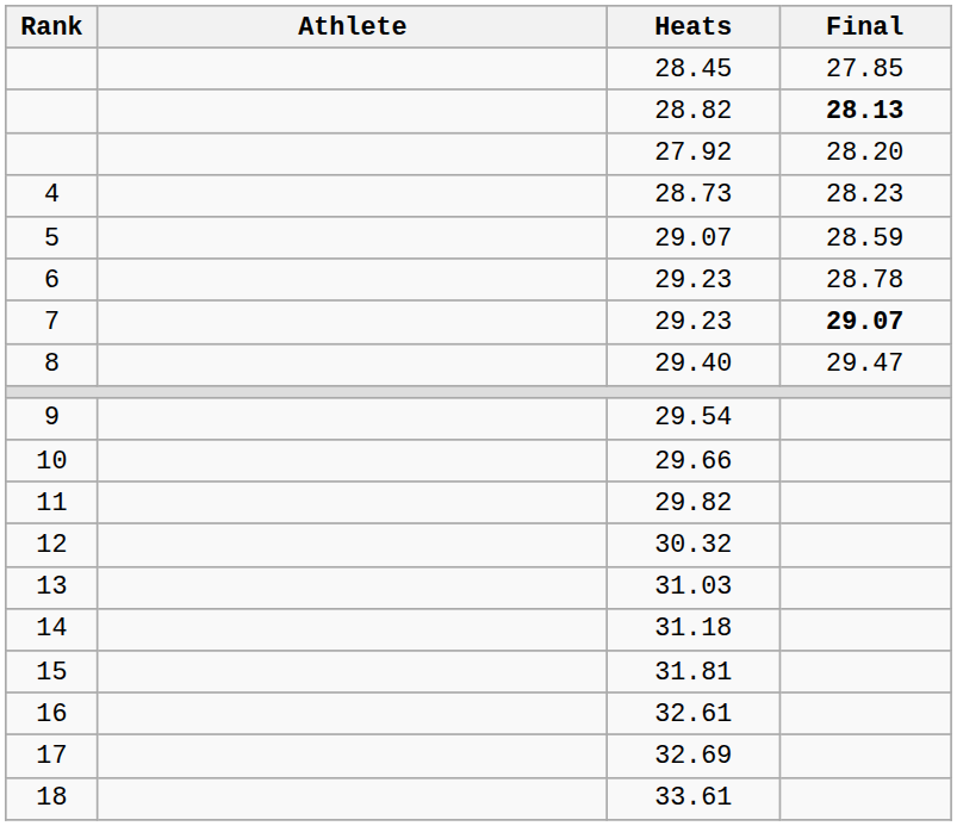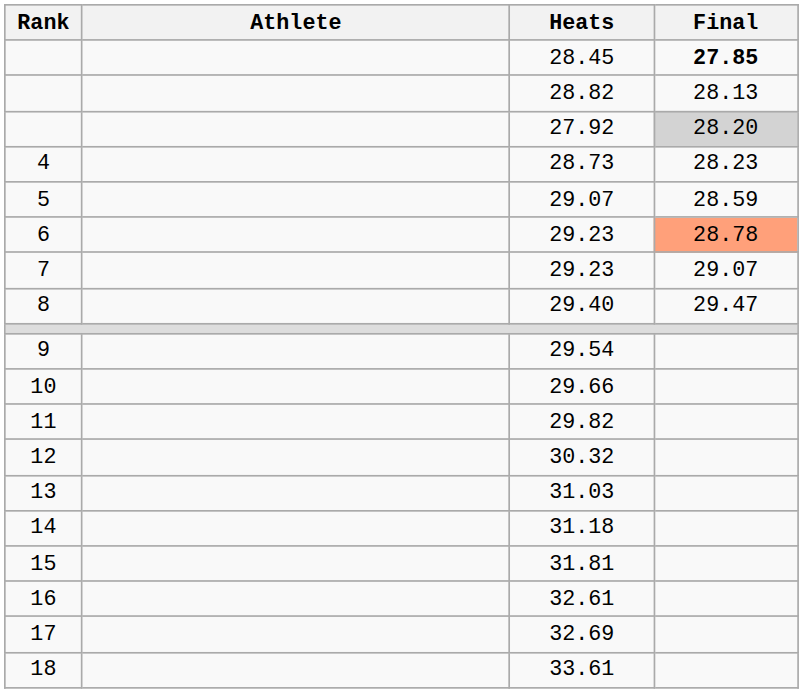 <table class=wikitable style="text-align:center">
 <tr>
 <th width=40>Rank</th>
 <th width=250>Athlete</th>
 <th width=80>Heats</th>
 <th width=80>Final</th>
 </tr>
 <tr>
 <td></td>
 <td align=left></td>
 <td>28.45</td>
-<td>27.85</td>
+<td><strong>27.85</strong></td>
 </tr>
 <tr>
 <td></td>
 <td align=left></td>
 <td>28.82</td>
-<td><strong>28.13</strong></td>
+<td>28.13</td>
 </tr>
 <tr>
 <td></td>
 <td align=left></td>
 <td>27.92</td>
-<td>28.20</td>
+<td style="background: lightgrey;">28.20</td>
 </tr>
 <tr>
 <td>4</td>
 <td align=left></td>
 <td>28.73</td>
 <td>28.23</td>
 </tr>
 <tr>
 <td>5</td>
 <td align=left></td>
 <td>29.07</td>
 <td>28.59</td>
 </tr>
 <tr>
 <td>6</td>
 <td align=left></td>
 <td>29.23</td>
-<td>28.78</td>
+<td style="background: lightsalmon;">28.78</td>
 </tr>
 <tr>
 <td>7</td>
 <td align=left></td>
 <td>29.23</td>
-<td><strong>29.07</strong></td>
+<td>29.07</td>
 </tr>
 <tr>
 <td>8</td>
 <td align=left></td>
 <td>29.40</td>
 <td>29.47</td>
 </tr>
 <tr bgcolor=#DDDDDD>
 <td colspan=4></td>
 </tr>
 <tr>
 <td>9</td>
 <td align=left></td>
 <td>29.54</td>
 <td></td>
 </tr>
 <tr>
 <td>10</td>
 <td align=left></td>
 <td>29.66</td>
 <td></td>
 </tr>
 <tr>
 <td>11</td>
 <td align=left></td>
 <td>29.82</td>
 <td></td>
 </tr>
 <tr>
 <td>12</td>
 <td align=left></td>
 <td>30.32</td>
 <td></td>
 </tr>
 <tr>
 <td>13</td>
 <td align=left></td>
 <td>31.03</td>
 <td></td>
 </tr>
 <tr>
 <td>14</td>
 <td align=left></td>
 <td>31.18</td>
 <td></td>
 </tr>
 <tr>
 <td>15</td>
 <td align=left></td>
 <td>31.81</td>
 <td></td>
 </tr>
 <tr>
 <td>16</td>
 <td align=left></td>
 <td>32.61</td>
 <td></td>
 </tr>
 <tr>
 <td>17</td>
 <td align=left></td>
 <td>32.69</td>
 <td></td>
 </tr>
 <tr>
 <td>18</td>
 <td align=left></td>
 <td>33.61</td>
 <td></td>
 </tr>
 </table>
